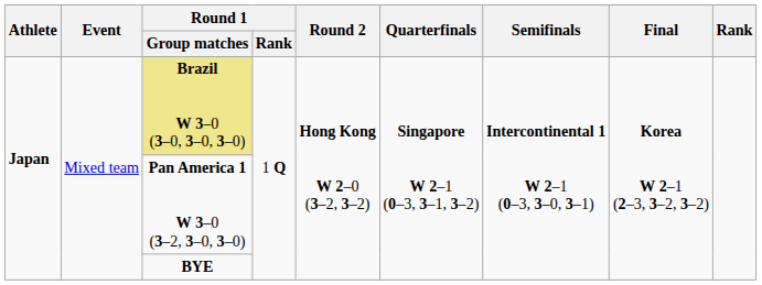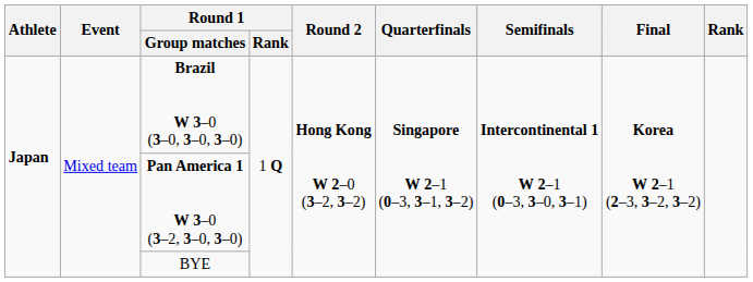 <table class="wikitable" border="1" style="font-size:90%">
 <tr>
 <th rowspan=2>Athlete</th>
 <th rowspan=2>Event</th>
 <th colspan=2>Round 1</th>
 <th rowspan=2>Round 2</th>
 <th rowspan=2>Quarterfinals</th>
 <th rowspan=2>Semifinals</th>
 <th rowspan=2>Final</th>
 <th rowspan=2>Rank</th>
 </tr>
 <tr>
 <th>Group matches</th>
 <th>Rank</th>
 </tr>
 <tr>
 <td rowspan=3><strong>Japan</strong><br><br></td>
 <td rowspan=3><a href='#'>Mixed team</a></td>
-<td align=center style="background: khaki;"><strong>Brazil</strong><br><br><br> <strong>W</strong> <strong>3</strong>–0 <br> (<strong>3</strong>–0, <strong>3</strong>–0, <strong>3</strong>–0)</td>
+<td align=center><strong>Brazil</strong><br><br><br> <strong>W</strong> <strong>3</strong>–0 <br> (<strong>3</strong>–0, <strong>3</strong>–0, <strong>3</strong>–0)</td>
 <td rowspan=3 align=center>1 <strong>Q</strong></td>
 <td align=center rowspan=3><strong>Hong Kong</strong><br><br><br> <strong>W</strong> <strong>2</strong>–0 <br> (<strong>3</strong>–2, <strong>3</strong>–2)</td>
 <td align=center rowspan=3><strong>Singapore</strong><br><br><br> <strong>W</strong> <strong>2</strong>–1 <br> (<strong>0</strong>–3, <strong>3</strong>–1, <strong>3</strong>–2)</td>
 <td align=center rowspan=3><strong>Intercontinental 1</strong><br><br><br> <strong>W</strong> <strong>2</strong>–1 <br> (<strong>0</strong>–3, <strong>3</strong>–0, <strong>3</strong>–1)</td>
 <td align=center rowspan=3><strong>Korea</strong><br><br><br> <strong>W</strong> <strong>2</strong>–1 <br> (<strong>2</strong>–3, <strong>3</strong>–2, <strong>3</strong>–2)</td>
 <td rowspan=3 align=center></td>
 </tr>
 <tr>
 <td align=center><strong>Pan America 1</strong><br><br><br> <strong>W</strong> <strong>3</strong>–0 <br> (<strong>3</strong>–2, <strong>3</strong>–0, <strong>3</strong>–0)</td>
 </tr>
 <tr>
-<td align=center><strong>BYE</strong></td>
+<td align=center>BYE</td>
 </tr>
 </table>
